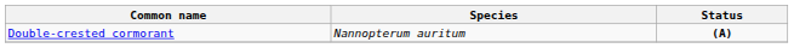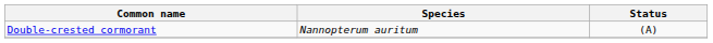 <table width=70% class="wikitable">
 <tr>
 <th width=20%>Common name</th>
 <th width=20%>Species</th>
 <th width=8%>Status</th>
 </tr>
 <tr>
 <td><a href='#'>Double-crested cormorant</a></td>
 <td><em>Nannopterum auritum</em></td>
-<td align=center><strong>(A)</strong></td>
+<td align=center>(A)</td>
 </tr>
 <tr>
 </tr>
 </table>
